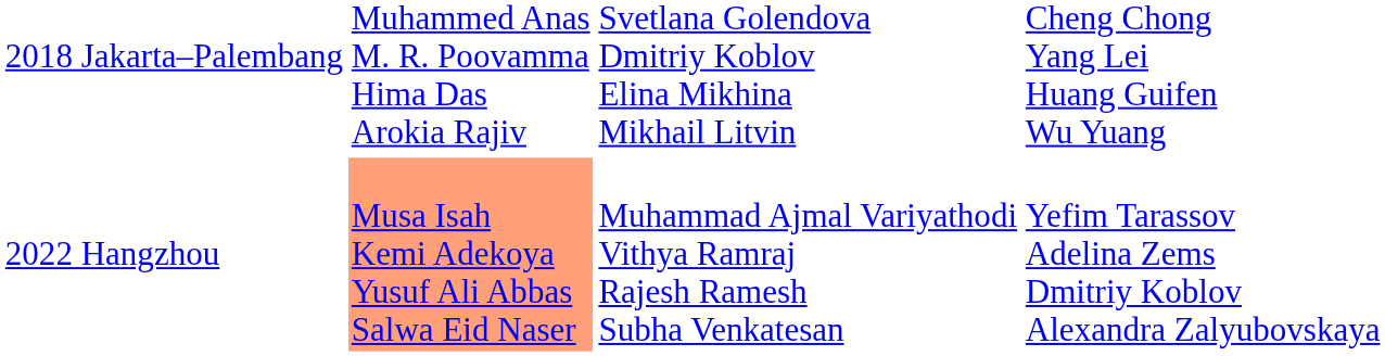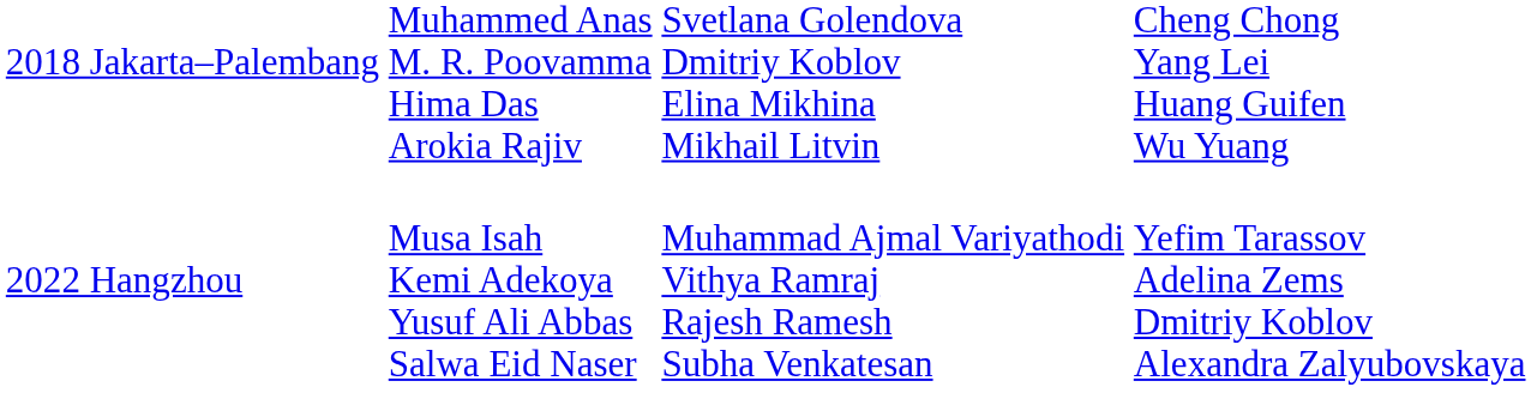 <table>
 <tr>
 <td><a href='#'>2018 Jakarta–Palembang</a></td>
 <td><br><a href='#'>Muhammed Anas</a><br><a href='#'>M. R. Poovamma</a><br><a href='#'>Hima Das</a><br><a href='#'>Arokia Rajiv</a></td>
 <td><br><a href='#'>Svetlana Golendova</a><br><a href='#'>Dmitriy Koblov</a><br><a href='#'>Elina Mikhina</a><br><a href='#'>Mikhail Litvin</a></td>
 <td><br><a href='#'>Cheng Chong</a><br><a href='#'>Yang Lei</a><br><a href='#'>Huang Guifen</a><br><a href='#'>Wu Yuang</a></td>
 </tr>
 <tr>
 <td><a href='#'>2022 Hangzhou</a></td>
-<td style="background: lightsalmon;"><br><a href='#'>Musa Isah</a><br><a href='#'>Kemi Adekoya</a><br><a href='#'>Yusuf Ali Abbas</a><br><a href='#'>Salwa Eid Naser</a></td>
+<td><br><a href='#'>Musa Isah</a><br><a href='#'>Kemi Adekoya</a><br><a href='#'>Yusuf Ali Abbas</a><br><a href='#'>Salwa Eid Naser</a></td>
 <td><br><a href='#'>Muhammad Ajmal Variyathodi</a><br><a href='#'>Vithya Ramraj</a><br><a href='#'>Rajesh Ramesh</a><br><a href='#'>Subha Venkatesan</a></td>
 <td><br><a href='#'>Yefim Tarassov</a><br><a href='#'>Adelina Zems</a><br><a href='#'>Dmitriy Koblov</a><br><a href='#'>Alexandra Zalyubovskaya</a></td>
 </tr>
 </table>
